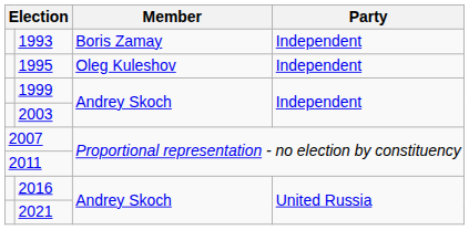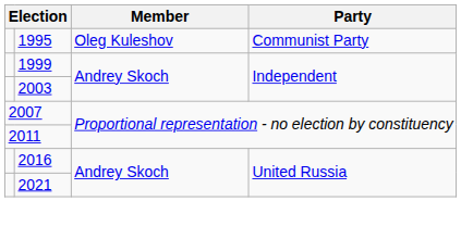 <table class="wikitable">
 <tr>
 <th colspan="2">Election</th>
 <th>Member</th>
 <th>Party</th>
 </tr>
 <tr>
 <td style="background-color:"></td>
-<td><a href='#'>1993</a></td>
-<td><a href='#'>Boris Zamay</a></td>
-<td><a href='#'>Independent</a></td>
-</tr>
-<tr>
-<td style="background-color:"></td>
 <td><a href='#'>1995</a></td>
 <td><a href='#'>Oleg Kuleshov</a></td>
-<td><a href='#'>Independent</a></td>
+<td><a href='#'>Communist Party</a></td>
 </tr>
 <tr>
 <td style="background-color:"></td>
 <td><a href='#'>1999</a></td>
 <td rowspan=2><a href='#'>Andrey Skoch</a></td>
 <td rowspan=2><a href='#'>Independent</a></td>
 </tr>
 <tr>
 <td style="background-color:"></td>
 <td><a href='#'>2003</a></td>
 </tr>
 <tr>
 <td colspan=2><a href='#'>2007</a></td>
 <td colspan=2 rowspan=2><em><a href='#'>Proportional representation</a> - no election by constituency</em></td>
 </tr>
 <tr>
 <td colspan=2><a href='#'>2011</a></td>
 </tr>
 <tr>
 <td style="background-color: "></td>
 <td><a href='#'>2016</a></td>
 <td rowspan=2><a href='#'>Andrey Skoch</a></td>
 <td rowspan=2><a href='#'>United Russia</a></td>
 </tr>
 <tr>
 <td style="background-color: "></td>
 <td><a href='#'>2021</a></td>
 </tr>
 </table>
